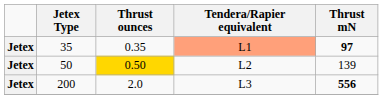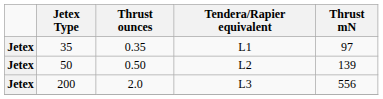 <table class="wikitable" style="text-align:center; width:80%;">
 <tr>
 <td></td>
 <th scope="col">Jetex Type</th>
 <th scope="col">Thrust ounces</th>
 <th scope="col">Tendera/Rapier equivalent</th>
 <th scope="col">Thrust mN</th>
 </tr>
 <tr>
 <th scope="row">Jetex</th>
 <td>35</td>
 <td>0.35</td>
-<td style="background: lightsalmon;">L1</td>
-<td><strong>97</strong></td>
+<td>L1</td>
+<td>97</td>
 </tr>
 <tr>
 <th scope="row">Jetex</th>
 <td>50</td>
-<td style="background: gold;">0.50</td>
+<td>0.50</td>
 <td>L2</td>
 <td>139</td>
 </tr>
 <tr>
 <th scope="row">Jetex</th>
 <td>200</td>
 <td>2.0</td>
 <td>L3</td>
-<td><strong>556</strong></td>
+<td>556</td>
 </tr>
 <tr>
 </tr>
 </table>
